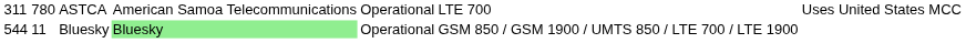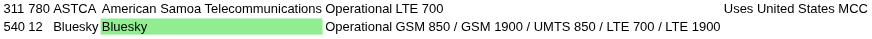 <table>
 <tr>
 <td>311</td>
 <td>780</td>
 <td>ASTCA</td>
 <td>American Samoa Telecommunications</td>
 <td>Operational</td>
 <td>LTE 700</td>
 <td>Uses United States MCC</td>
 </tr>
 <tr>
-<td>544</td>
-<td>11</td>
+<td>540</td>
+<td>12</td>
 <td>Bluesky</td>
 <td style="background: lightgreen;">Bluesky</td>
 <td>Operational</td>
 <td>GSM 850 / GSM 1900 / UMTS 850 / LTE 700 / LTE 1900</td>
 <td></td>
 </tr>
 </table>
